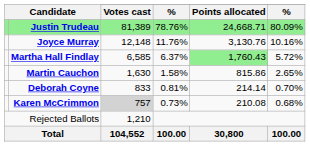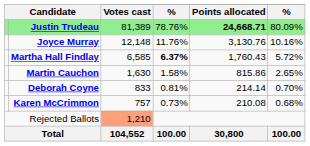 <table class="wikitable">
 <tr>
 <th rowspan="2" colspan="2">Candidate</th>
 </tr>
 <tr>
 <th>Votes cast</th>
 <th>%</th>
 <th>Points allocated</th>
 <th>%</th>
 </tr>
 <tr style="text-align:right;background:lightgreen;">
 <td></td>
 <td><strong><a href='#'>Justin Trudeau</a></strong></td>
 <td>81,389</td>
 <td>78.76%</td>
-<td>24,668.71</td>
+<td><strong>24,668.71</strong></td>
 <td>80.09%</td>
 </tr>
 <tr style="text-align:right;">
 <td></td>
 <td><strong><a href='#'>Joyce Murray</a></strong></td>
 <td>12,148</td>
 <td>11.76%</td>
 <td>3,130.76</td>
 <td>10.16%</td>
 </tr>
 <tr style="text-align:right;">
 <td></td>
 <td><strong><a href='#'>Martha Hall Findlay</a></strong></td>
 <td>6,585</td>
-<td>6.37%</td>
-<td style="background: lightgreen;">1,760.43</td>
+<td><strong>6.37%</strong></td>
+<td>1,760.43</td>
 <td>5.72%</td>
 </tr>
 <tr style="text-align:right;">
 <td></td>
 <td><strong><a href='#'>Martin Cauchon</a></strong></td>
 <td>1,630</td>
 <td>1.58%</td>
 <td>815.86</td>
 <td>2.65%</td>
 </tr>
 <tr style="text-align:right;">
 <td></td>
 <td><strong><a href='#'>Deborah Coyne</a></strong></td>
 <td>833</td>
 <td>0.81%</td>
 <td>214.14</td>
 <td>0.70%</td>
 </tr>
 <tr style="text-align:right;">
 <td></td>
 <td><strong><a href='#'>Karen McCrimmon</a></strong></td>
-<td style="background: lightgrey;">757</td>
+<td>757</td>
 <td>0.73%</td>
 <td>210.08</td>
 <td>0.68%</td>
 </tr>
 <tr style="text-align:right;">
 <td colspan="2">Rejected Ballots</td>
-<td>1,210</td>
+<td style="background: lightsalmon;">1,210</td>
 <td colspan="3"></td>
 </tr>
 <tr style="text-align:right;">
 <th colspan="2">Total</th>
 <th>104,552</th>
 <th>100.00</th>
 <th>30,800</th>
 <th>100.00</th>
 </tr>
 </table>
